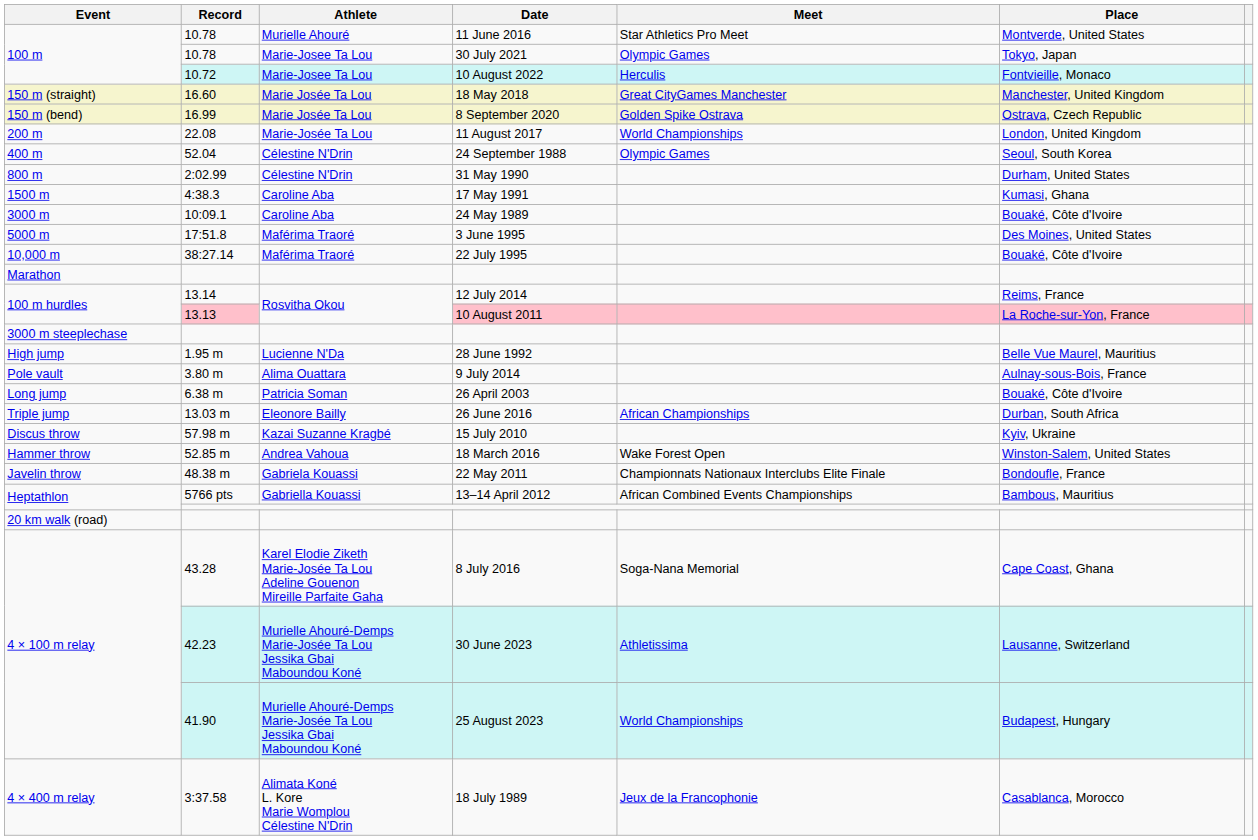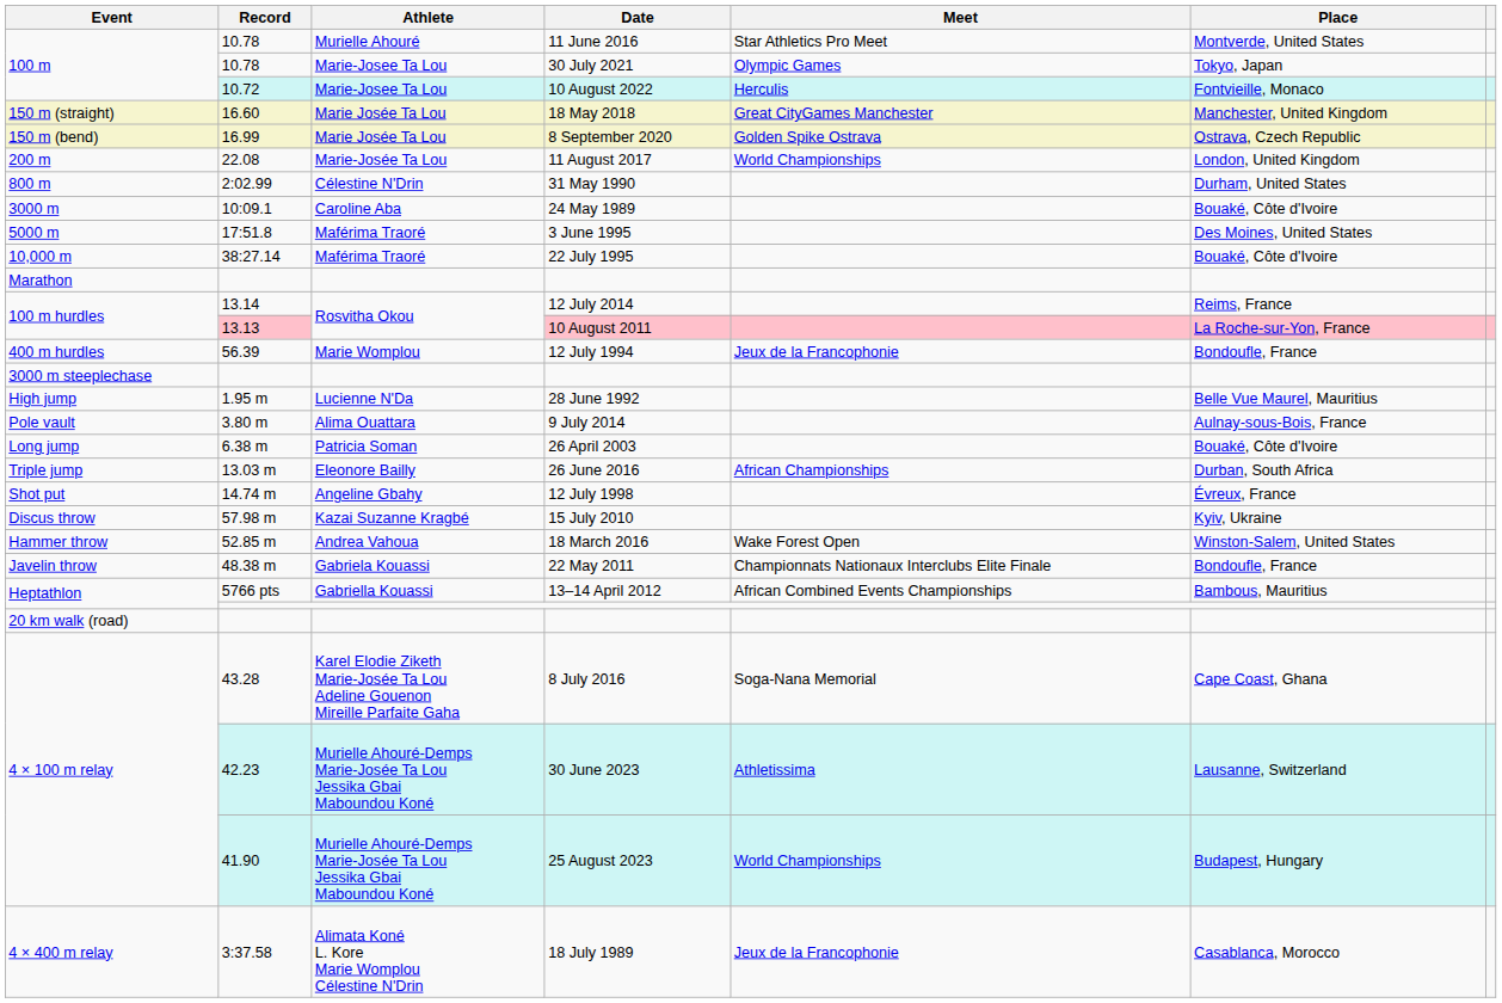 <table class="wikitable" style="font-size:95%; width: 95%;">
 <tr>
 <th>Event</th>
 <th>Record</th>
 <th>Athlete</th>
 <th>Date</th>
 <th>Meet</th>
 <th>Place</th>
 <th></th>
 </tr>
 <tr>
 <td rowspan=3><a href='#'>100 m</a></td>
 <td>10.78 </td>
 <td><a href='#'>Murielle Ahouré</a></td>
 <td>11 June 2016</td>
 <td>Star Athletics Pro Meet</td>
 <td><a href='#'>Montverde</a>, United States</td>
 <td></td>
 </tr>
 <tr>
 <td>10.78 </td>
 <td><a href='#'>Marie-Josee Ta Lou</a></td>
 <td>30 July 2021</td>
 <td><a href='#'>Olympic Games</a></td>
 <td><a href='#'>Tokyo</a>, Japan</td>
 <td></td>
 </tr>
 <tr style="background:#CEF6F5">
 <td>10.72 </td>
 <td><a href='#'>Marie-Josee Ta Lou</a></td>
 <td>10 August 2022</td>
 <td><a href='#'>Herculis</a></td>
 <td><a href='#'>Fontvieille</a>, Monaco</td>
 <td></td>
 </tr>
 <tr style="background:#f6F5CE;">
 <td><a href='#'>150 m</a> (straight)</td>
 <td>16.60 </td>
 <td><a href='#'>Marie Josée Ta Lou</a></td>
 <td>18 May 2018</td>
 <td><a href='#'>Great CityGames Manchester</a></td>
 <td><a href='#'>Manchester</a>, United Kingdom</td>
 <td></td>
 </tr>
 <tr style="background:#f6F5CE;">
 <td><a href='#'>150 m</a> (bend)</td>
 <td>16.99 </td>
 <td><a href='#'>Marie Josée Ta Lou</a></td>
 <td>8 September 2020</td>
 <td><a href='#'>Golden Spike Ostrava</a></td>
 <td><a href='#'>Ostrava</a>, Czech Republic</td>
 <td></td>
 </tr>
 <tr>
 <td><a href='#'>200 m</a></td>
 <td>22.08 </td>
 <td><a href='#'>Marie-Josée Ta Lou</a></td>
 <td>11 August 2017</td>
 <td><a href='#'>World Championships</a></td>
 <td><a href='#'>London</a>, United Kingdom</td>
 <td></td>
 </tr>
 <tr>
-<td><a href='#'>400 m</a></td>
-<td>52.04</td>
-<td><a href='#'>Célestine N'Drin</a></td>
-<td>24 September 1988</td>
-<td><a href='#'>Olympic Games</a></td>
-<td><a href='#'>Seoul</a>, South Korea</td>
-<td></td>
-</tr>
-<tr>
 <td><a href='#'>800 m</a></td>
 <td>2:02.99</td>
 <td><a href='#'>Célestine N'Drin</a></td>
 <td>31 May 1990</td>
 <td></td>
 <td><a href='#'>Durham</a>, United States</td>
-<td></td>
-</tr>
-<tr>
-<td><a href='#'>1500 m</a></td>
-<td>4:38.3 </td>
-<td><a href='#'>Caroline Aba</a></td>
-<td>17 May 1991</td>
-<td></td>
-<td><a href='#'>Kumasi</a>, Ghana</td>
 <td></td>
 </tr>
 <tr>
 <td><a href='#'>3000 m</a></td>
 <td>10:09.1</td>
 <td><a href='#'>Caroline Aba</a></td>
 <td>24 May 1989</td>
 <td></td>
 <td><a href='#'>Bouaké</a>, Côte d'Ivoire</td>
 <td></td>
 </tr>
 <tr>
 <td><a href='#'>5000 m</a></td>
 <td>17:51.8</td>
 <td><a href='#'>Maférima Traoré</a></td>
 <td>3 June 1995</td>
 <td></td>
 <td><a href='#'>Des Moines</a>, United States</td>
 <td></td>
 </tr>
 <tr>
 <td><a href='#'>10,000 m</a></td>
 <td>38:27.14</td>
 <td><a href='#'>Maférima Traoré</a></td>
 <td>22 July 1995</td>
 <td></td>
 <td><a href='#'>Bouaké</a>, Côte d'Ivoire</td>
 <td></td>
 </tr>
 <tr>
 <td><a href='#'>Marathon</a></td>
 <td></td>
 <td></td>
 <td></td>
 <td></td>
 <td></td>
 <td></td>
 </tr>
 <tr>
 <td rowspan=2><a href='#'>100 m hurdles</a></td>
 <td>13.14 </td>
 <td rowspan=2><a href='#'>Rosvitha Okou</a></td>
 <td>12 July 2014</td>
 <td></td>
 <td><a href='#'>Reims</a>, France</td>
 <td></td>
 </tr>
 <tr style="background:pink">
 <td>13.13 </td>
 <td>10 August 2011</td>
 <td></td>
 <td><a href='#'>La Roche-sur-Yon</a>, France</td>
 <td></td>
 </tr>
 <tr>
+<td><a href='#'>400 m hurdles</a></td>
+<td>56.39</td>
+<td><a href='#'>Marie Womplou</a></td>
+<td>12 July 1994</td>
+<td><a href='#'>Jeux de la Francophonie</a></td>
+<td><a href='#'>Bondoufle</a>, France</td>
+<td></td>
+</tr>
+<tr>
 <td><a href='#'>3000 m steeplechase</a></td>
 <td></td>
 <td></td>
 <td></td>
 <td></td>
 <td></td>
 <td></td>
 </tr>
 <tr>
 <td><a href='#'>High jump</a></td>
 <td>1.95 m</td>
 <td><a href='#'>Lucienne N'Da</a></td>
 <td>28 June 1992</td>
 <td></td>
 <td><a href='#'>Belle Vue Maurel</a>, Mauritius</td>
 <td></td>
 </tr>
 <tr>
 <td><a href='#'>Pole vault</a></td>
 <td>3.80 m</td>
 <td><a href='#'>Alima Ouattara</a></td>
 <td>9 July 2014</td>
 <td></td>
 <td><a href='#'>Aulnay-sous-Bois</a>, France</td>
 <td></td>
 </tr>
 <tr>
 <td><a href='#'>Long jump</a></td>
 <td>6.38 m </td>
 <td><a href='#'>Patricia Soman</a></td>
 <td>26 April 2003</td>
 <td></td>
 <td><a href='#'>Bouaké</a>, Côte d'Ivoire</td>
 <td></td>
 </tr>
 <tr>
 <td><a href='#'>Triple jump</a></td>
 <td>13.03 m </td>
 <td><a href='#'>Eleonore Bailly</a></td>
 <td>26 June 2016</td>
 <td><a href='#'>African Championships</a></td>
 <td><a href='#'>Durban</a>, South Africa</td>
+<td></td>
+</tr>
+<tr>
+<td><a href='#'>Shot put</a></td>
+<td>14.74 m</td>
+<td><a href='#'>Angeline Gbahy</a></td>
+<td>12 July 1998</td>
+<td></td>
+<td><a href='#'>Évreux</a>, France</td>
 <td></td>
 </tr>
 <tr>
 <td><a href='#'>Discus throw</a></td>
 <td>57.98 m</td>
 <td><a href='#'>Kazai Suzanne Kragbé</a></td>
 <td>15 July 2010</td>
 <td></td>
 <td><a href='#'>Kyiv</a>, Ukraine</td>
 <td></td>
 </tr>
 <tr>
 <td><a href='#'>Hammer throw</a></td>
 <td>52.85 m</td>
 <td><a href='#'>Andrea Vahoua</a></td>
 <td>18 March 2016</td>
 <td>Wake Forest Open</td>
 <td><a href='#'>Winston-Salem</a>, United States</td>
 <td></td>
 </tr>
 <tr>
 <td><a href='#'>Javelin throw</a></td>
 <td>48.38 m</td>
 <td><a href='#'>Gabriela Kouassi</a></td>
 <td>22 May 2011</td>
 <td>Championnats Nationaux Interclubs Elite Finale</td>
 <td><a href='#'>Bondoufle</a>, France</td>
 <td></td>
 </tr>
 <tr>
 <td rowspan=2><a href='#'>Heptathlon</a></td>
 <td>5766 pts</td>
 <td><a href='#'>Gabriella Kouassi</a></td>
 <td>13–14 April 2012</td>
 <td>African Combined Events Championships</td>
 <td><a href='#'>Bambous</a>, Mauritius</td>
 <td></td>
 </tr>
 <tr>
 <td colspan=5></td>
 <td></td>
 </tr>
 <tr>
 <td><a href='#'>20 km walk</a> (road)</td>
 <td></td>
 <td></td>
 <td></td>
 <td></td>
 <td></td>
 <td></td>
 </tr>
 <tr>
 <td rowspan=3><a href='#'>4 × 100 m relay</a></td>
 <td>43.28</td>
 <td><br><a href='#'>Karel Elodie Ziketh</a><br><a href='#'>Marie-Josée Ta Lou</a><br><a href='#'>Adeline Gouenon</a><br><a href='#'>Mireille Parfaite Gaha</a></td>
 <td>8 July 2016</td>
 <td>Soga-Nana Memorial</td>
 <td><a href='#'>Cape Coast</a>, Ghana</td>
 <td></td>
 </tr>
 <tr bgcolor="#CEF6F5">
 <td>42.23</td>
 <td><br><a href='#'>Murielle Ahouré-Demps</a><br><a href='#'>Marie-Josée Ta Lou</a><br><a href='#'>Jessika Gbai</a><br><a href='#'>Maboundou Koné</a></td>
 <td>30 June 2023</td>
 <td><a href='#'>Athletissima</a></td>
 <td><a href='#'>Lausanne</a>, Switzerland</td>
 <td></td>
 </tr>
 <tr bgcolor="#CEF6F5">
 <td>41.90</td>
 <td><br><a href='#'>Murielle Ahouré-Demps</a><br><a href='#'>Marie-Josée Ta Lou</a><br><a href='#'>Jessika Gbai</a><br><a href='#'>Maboundou Koné</a></td>
 <td>25 August 2023</td>
 <td><a href='#'>World Championships</a></td>
 <td><a href='#'>Budapest</a>, Hungary</td>
 <td></td>
 </tr>
 <tr>
 <td><a href='#'>4 × 400 m relay</a></td>
 <td>3:37.58</td>
 <td><br><a href='#'>Alimata Koné</a><br>L. Kore<br><a href='#'>Marie Womplou</a><br><a href='#'>Célestine N'Drin</a></td>
 <td>18 July 1989</td>
 <td><a href='#'>Jeux de la Francophonie</a></td>
 <td><a href='#'>Casablanca</a>, Morocco</td>
 <td></td>
 </tr>
 </table>
